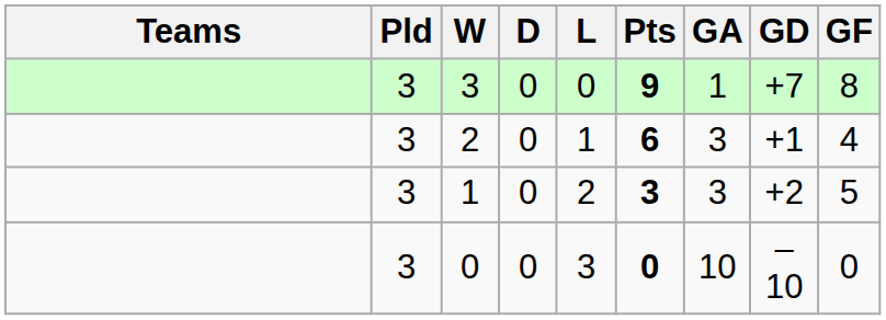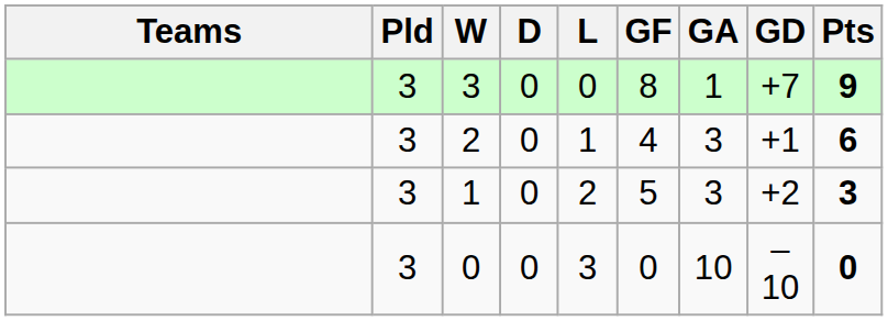 <table class="wikitable" style="text-align: center;">
 <tr>
 <th width=165>Teams</th>
 <th width=20>Pld</th>
 <th width=20>W</th>
 <th width=20>D</th>
 <th width=20>L</th>
-<th width=20>Pts</th>
+<th width=20>GF</th>
 <th width=20>GA</th>
 <th width=20>GD</th>
-<th width=20>GF</th>
+<th width=20>Pts</th>
 </tr>
 <tr align=center style="background:#ccffcc;">
 <td style="text-align:left;"></td>
 <td>3</td>
 <td>3</td>
 <td>0</td>
 <td>0</td>
-<td><strong>9</strong></td>
+<td>8</td>
 <td>1</td>
 <td>+7</td>
-<td>8</td>
+<td><strong>9</strong></td>
 </tr>
 <tr align=center>
 <td style="text-align:left;"></td>
 <td>3</td>
 <td>2</td>
 <td>0</td>
 <td>1</td>
-<td><strong>6</strong></td>
+<td>4</td>
 <td>3</td>
 <td>+1</td>
-<td>4</td>
+<td><strong>6</strong></td>
 </tr>
 <tr align=center>
 <td style="text-align:left;"></td>
 <td>3</td>
 <td>1</td>
 <td>0</td>
 <td>2</td>
-<td><strong>3</strong></td>
+<td>5</td>
 <td>3</td>
 <td>+2</td>
-<td>5</td>
+<td><strong>3</strong></td>
 </tr>
 <tr align=center>
 <td style="text-align:left;"></td>
 <td>3</td>
 <td>0</td>
 <td>0</td>
 <td>3</td>
-<td><strong>0</strong></td>
+<td>0</td>
 <td>10</td>
 <td>–10</td>
-<td>0</td>
+<td><strong>0</strong></td>
 </tr>
 </table>
